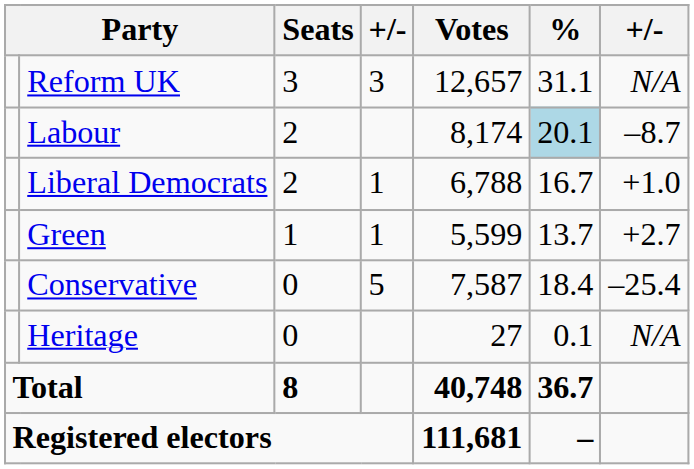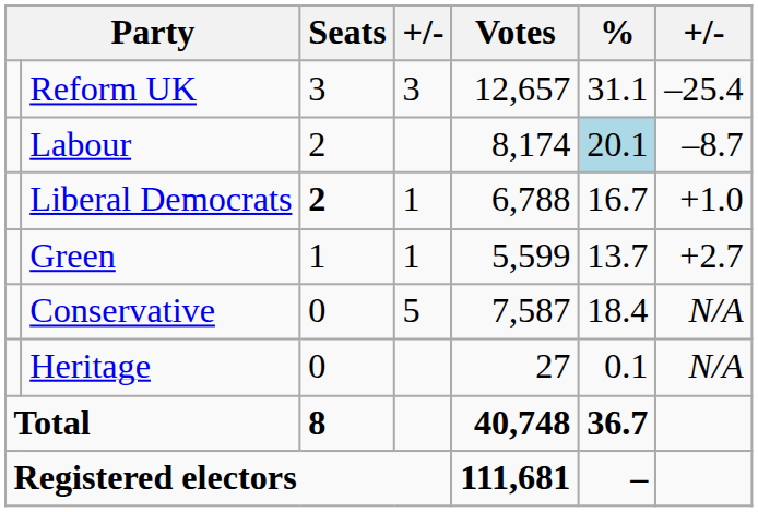 <table class="wikitable sortable">
 <tr>
 <th colspan="2">Party</th>
 <th>Seats</th>
 <th>+/-</th>
 <th>Votes</th>
 <th>%</th>
 <th>+/-</th>
 </tr>
 <tr>
 <td style="background-color: "></td>
 <td><a href='#'>Reform UK</a></td>
 <td>3</td>
 <td> 3</td>
 <td style="text-align:right;">12,657</td>
 <td style="text-align:right;">31.1</td>
-<td style="text-align:right;"><em>N/A</em></td>
+<td style="text-align:right;">–25.4</td>
 </tr>
 <tr>
 <td style="background-color: "></td>
 <td><a href='#'>Labour</a></td>
 <td>2</td>
 <td></td>
 <td style="text-align:right;">8,174</td>
 <td style="background: lightblue; text-align:right;">20.1</td>
 <td style="text-align:right;">–8.7</td>
 </tr>
 <tr>
 <td style="background-color: "></td>
 <td><a href='#'>Liberal Democrats</a></td>
-<td>2</td>
+<td><strong>2</strong></td>
 <td> 1</td>
 <td style="text-align:right;">6,788</td>
 <td style="text-align:right;">16.7</td>
 <td style="text-align:right;">+1.0</td>
 </tr>
 <tr>
 <td style="background-color: "></td>
 <td><a href='#'>Green</a></td>
 <td>1</td>
 <td> 1</td>
 <td style="text-align:right;">5,599</td>
 <td style="text-align:right;">13.7</td>
 <td style="text-align:right;">+2.7</td>
 </tr>
 <tr>
 <td style="background-color: "></td>
 <td><a href='#'>Conservative</a></td>
 <td>0</td>
 <td> 5</td>
 <td style="text-align:right;">7,587</td>
 <td style="text-align:right;">18.4</td>
-<td style="text-align:right;">–25.4</td>
+<td style="text-align:right;"><em>N/A</em></td>
 </tr>
 <tr>
 <td style="background-color: "></td>
 <td><a href='#'>Heritage</a></td>
 <td>0</td>
 <td></td>
 <td style="text-align:right;">27</td>
 <td style="text-align:right;">0.1</td>
 <td style="text-align:right;"><em>N/A</em></td>
 </tr>
 <tr>
 <td colspan="2"><strong>Total</strong></td>
 <td><strong>8</strong></td>
 <td></td>
 <td style="text-align:right;"><strong>40,748</strong></td>
 <td style="text-align:right;"><strong>36.7</strong></td>
 <td style="text-align:right;"></td>
 </tr>
 <tr>
 <td colspan="4"><strong>Registered electors</strong></td>
 <td style="text-align:right;"><strong>111,681</strong></td>
 <td style="text-align:right;"><strong>–</strong></td>
 <td style="text-align:right;"></td>
 </tr>
 </table>
